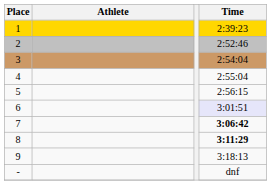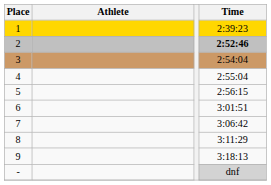 <table class="wikitable" style="text-align:center">
 <tr>
 <th>Place</th>
 <th width=250>Athlete</th>
 <th rowspan=27></th>
 <th width=100>Time</th>
 </tr>
 <tr bgcolor=gold>
 <td>1</td>
 <td align=left></td>
 <td>2:39:23</td>
 </tr>
 <tr bgcolor=silver>
 <td>2</td>
 <td align=left></td>
-<td>2:52:46</td>
+<td><strong>2:52:46</strong></td>
 </tr>
 <tr bgcolor=cc9966>
 <td>3</td>
 <td align=left></td>
 <td>2:54:04</td>
 </tr>
 <tr>
 <td>4</td>
 <td align=left></td>
 <td>2:55:04</td>
 </tr>
 <tr>
 <td>5</td>
 <td align=left></td>
 <td>2:56:15</td>
 </tr>
 <tr>
 <td>6</td>
 <td align=left></td>
-<td style="background: lavender;">3:01:51</td>
+<td>3:01:51</td>
 </tr>
 <tr>
 <td>7</td>
 <td align=left></td>
-<td><strong>3:06:42</strong></td>
+<td>3:06:42</td>
 </tr>
 <tr>
 <td>8</td>
 <td align=left></td>
-<td><strong>3:11:29</strong></td>
+<td>3:11:29</td>
 </tr>
 <tr>
 <td>9</td>
 <td align=left></td>
 <td>3:18:13</td>
 </tr>
 <tr>
 <td>-</td>
 <td align=left></td>
-<td>dnf</td>
+<td style="background: lightgrey;">dnf</td>
 </tr>
 <tr>
 </tr>
 </table>
